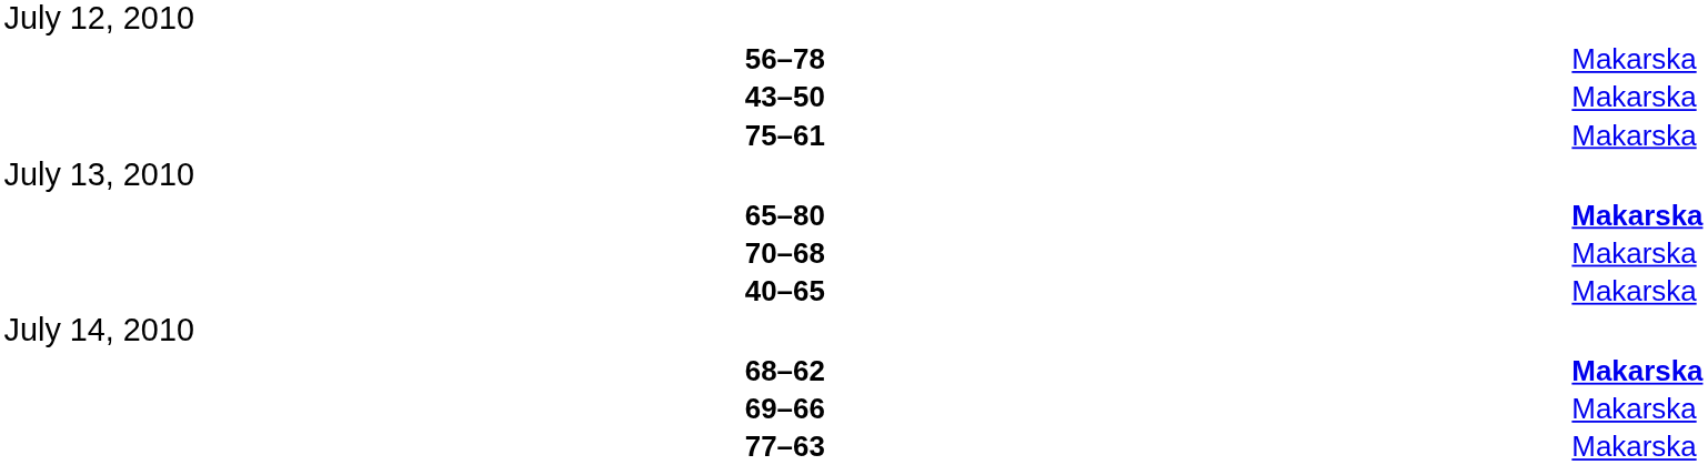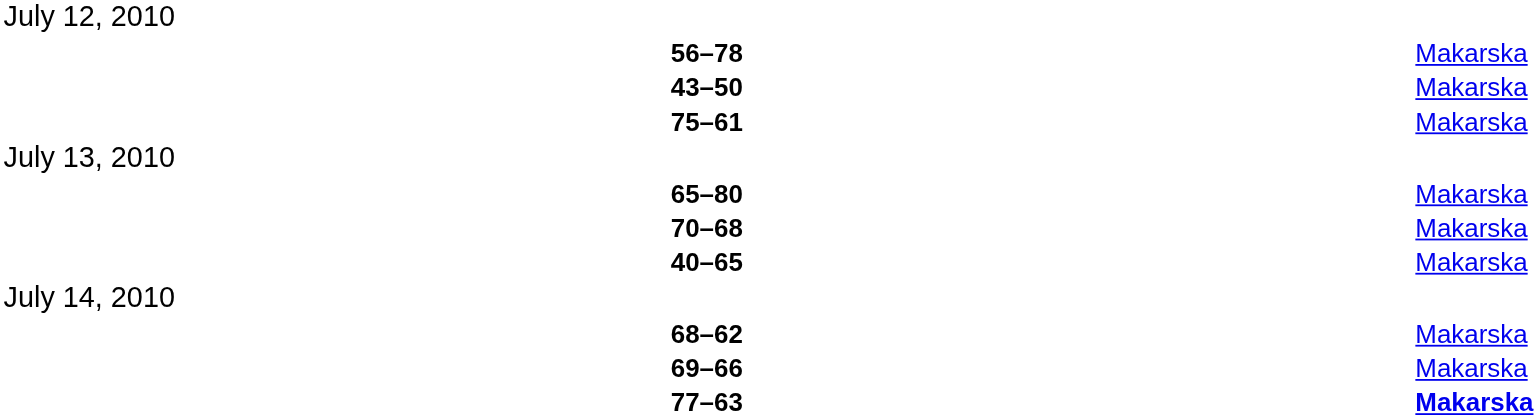 <table style="width:100%;" cellspacing="1">
 <tr>
 <th width=25%></th>
 <th width=3%></th>
 <th width=6%></th>
 <th width=3%></th>
 <th width=25%></th>
 </tr>
 <tr>
 <td>July 12, 2010</td>
 </tr>
 <tr style=font-size:90%>
 <td align=right><strong></strong></td>
 <td></td>
 <td align=center><strong>56–78</strong></td>
 <td></td>
 <td><strong></strong></td>
 <td><a href='#'>Makarska</a></td>
 </tr>
 <tr style=font-size:90%>
 <td align=right><strong></strong></td>
 <td></td>
 <td align=center><strong>43–50</strong></td>
 <td></td>
 <td><strong></strong></td>
 <td><a href='#'>Makarska</a></td>
 </tr>
 <tr style=font-size:90%>
 <td align=right><strong></strong></td>
 <td></td>
 <td align=center><strong>75–61</strong></td>
 <td></td>
 <td><strong></strong></td>
 <td><a href='#'>Makarska</a></td>
 </tr>
 <tr>
 <td>July 13, 2010</td>
 </tr>
 <tr style=font-size:90%>
 <td align=right><strong></strong></td>
 <td></td>
 <td align=center><strong>65–80</strong></td>
 <td></td>
 <td><strong></strong></td>
-<td><strong><a href='#'>Makarska</a></strong></td>
+<td><a href='#'>Makarska</a></td>
 </tr>
 <tr style=font-size:90%>
 <td align=right><strong></strong></td>
 <td></td>
 <td align=center><strong>70–68</strong></td>
 <td></td>
 <td><strong></strong></td>
 <td><a href='#'>Makarska</a></td>
 </tr>
 <tr style=font-size:90%>
 <td align=right><strong></strong></td>
 <td></td>
 <td align=center><strong>40–65</strong></td>
 <td></td>
 <td><strong></strong></td>
 <td><a href='#'>Makarska</a></td>
 </tr>
 <tr>
 <td>July 14, 2010</td>
 </tr>
 <tr style=font-size:90%>
 <td align=right><strong></strong></td>
 <td></td>
 <td align=center><strong>68–62</strong></td>
 <td></td>
 <td><strong></strong></td>
-<td><strong><a href='#'>Makarska</a></strong></td>
+<td><a href='#'>Makarska</a></td>
 </tr>
 <tr style=font-size:90%>
 <td align=right><strong></strong></td>
 <td></td>
 <td align=center><strong>69–66</strong></td>
 <td></td>
 <td><strong></strong></td>
 <td><a href='#'>Makarska</a></td>
 </tr>
 <tr style=font-size:90%>
 <td align=right><strong></strong></td>
 <td></td>
 <td align=center><strong>77–63</strong></td>
 <td></td>
 <td><strong></strong></td>
-<td><a href='#'>Makarska</a></td>
+<td><strong><a href='#'>Makarska</a></strong></td>
 </tr>
 </table>
